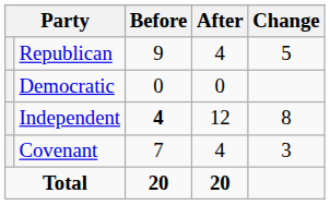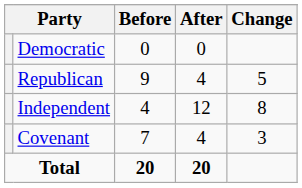 <table class="wikitable" style="text-align:center;">
 <tr>
 </tr>
 <tr>
 <th colspan=2>Party</th>
 <th>Before</th>
 <th>After</th>
 <th>Change</th>
 </tr>
 <tr>
 <th style="background-color:"></th>
+<td style="text-align:left;"><a href='#'>Democratic</a></td>
+<td>0</td>
+<td>0</td>
+<td></td>
+</tr>
+<tr>
+<th style="background-color:"></th>
 <td style="text-align:left;"><a href='#'>Republican</a></td>
 <td>9</td>
 <td>4</td>
 <td> 5</td>
 </tr>
 <tr>
 <th style="background-color:"></th>
-<td style="text-align:left;"><a href='#'>Democratic</a></td>
-<td>0</td>
-<td>0</td>
-<td></td>
-</tr>
-<tr>
-<th style="background-color:"></th>
 <td style="text-align:left;"><a href='#'>Independent</a></td>
-<td><strong>4</strong></td>
+<td>4</td>
 <td>12</td>
 <td> 8</td>
 </tr>
 <tr>
 <th style="background-color:"></th>
 <td style="text-align:left;"><a href='#'>Covenant</a></td>
 <td>7</td>
 <td>4</td>
 <td> 3</td>
 </tr>
 <tr>
 <td colspan=2><strong>Total</strong></td>
 <td><strong>20</strong></td>
 <td><strong>20</strong></td>
 <td></td>
 </tr>
 </table>
